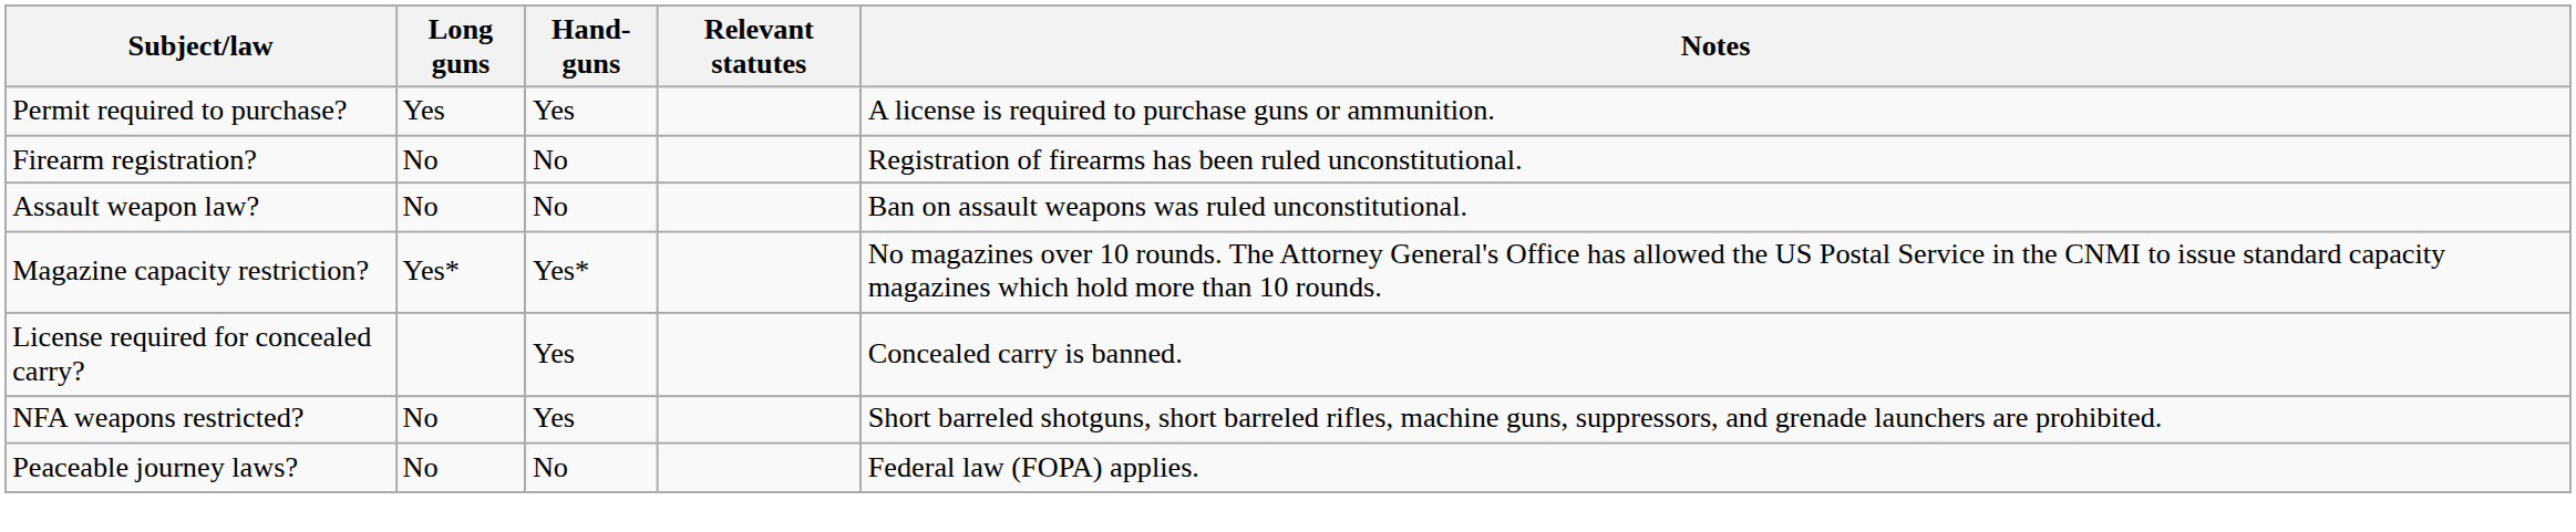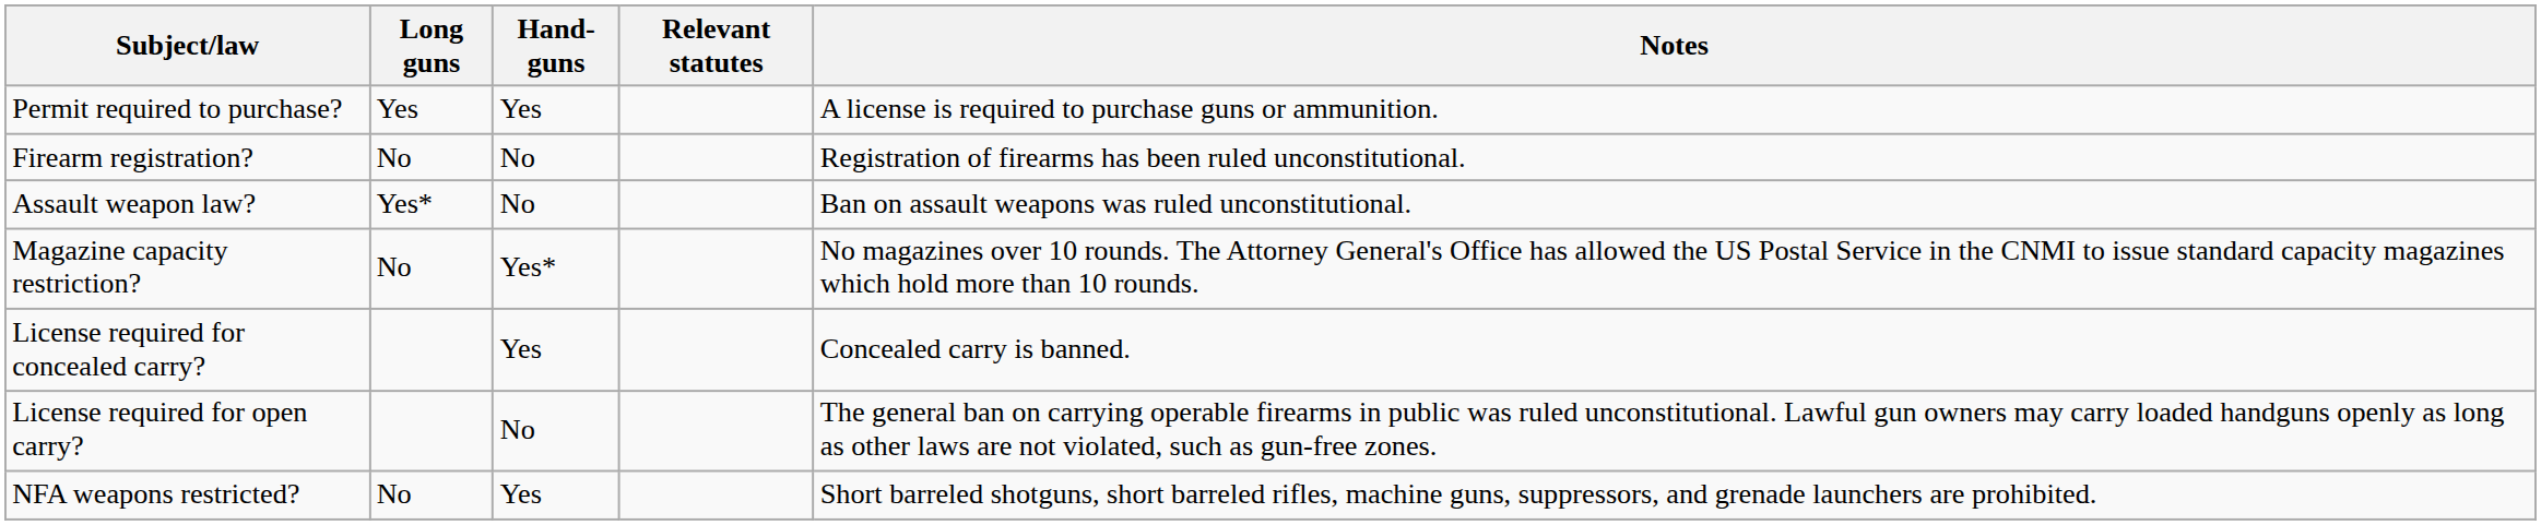 <table class="wikitable"  style="font-size:85%; width:95%;">
 <tr>
 <th>Subject/law</th>
 <th>Long guns</th>
 <th>Hand­guns</th>
 <th>Relevant statutes</th>
 <th>Notes</th>
 </tr>
 <tr>
 <td>Permit required to purchase?</td>
 <td>Yes</td>
 <td>Yes</td>
 <td></td>
 <td>A license is required to purchase guns or ammunition.</td>
 </tr>
 <tr>
 <td>Firearm registration?</td>
 <td>No</td>
 <td>No</td>
 <td></td>
 <td>Registration of firearms has been ruled unconstitutional.</td>
 </tr>
 <tr>
 <td>Assault weapon law?</td>
-<td>No</td>
+<td>Yes*</td>
 <td>No</td>
 <td></td>
 <td>Ban on assault weapons was ruled unconstitutional.</td>
 </tr>
 <tr>
 <td>Magazine capacity restriction?</td>
-<td>Yes*</td>
+<td>No</td>
 <td>Yes*</td>
 <td></td>
 <td>No magazines over 10 rounds. The Attorney General's Office has allowed the US Postal Service in the CNMI to issue standard capacity magazines which hold more than 10 rounds. </td>
 </tr>
 <tr>
 <td>License required for concealed carry?</td>
 <td></td>
 <td>Yes</td>
 <td></td>
 <td>Concealed carry is banned.</td>
 </tr>
 <tr>
+<td>License required for open carry?</td>
+<td></td>
+<td>No</td>
+<td></td>
+<td>The general ban on carrying operable firearms in public was ruled unconstitutional. Lawful gun owners may carry loaded handguns openly as long as other laws are not violated, such as gun-free zones.</td>
+</tr>
+<tr>
 <td>NFA weapons restricted?</td>
 <td>No</td>
 <td>Yes</td>
 <td></td>
 <td>Short barreled shotguns, short barreled rifles, machine guns, suppressors, and grenade launchers are prohibited.</td>
 </tr>
-<tr>
-<td>Peaceable journey laws?</td>
-<td>No</td>
-<td>No</td>
-<td></td>
-<td>Federal law (FOPA) applies.</td>
-</tr>
 </table>
